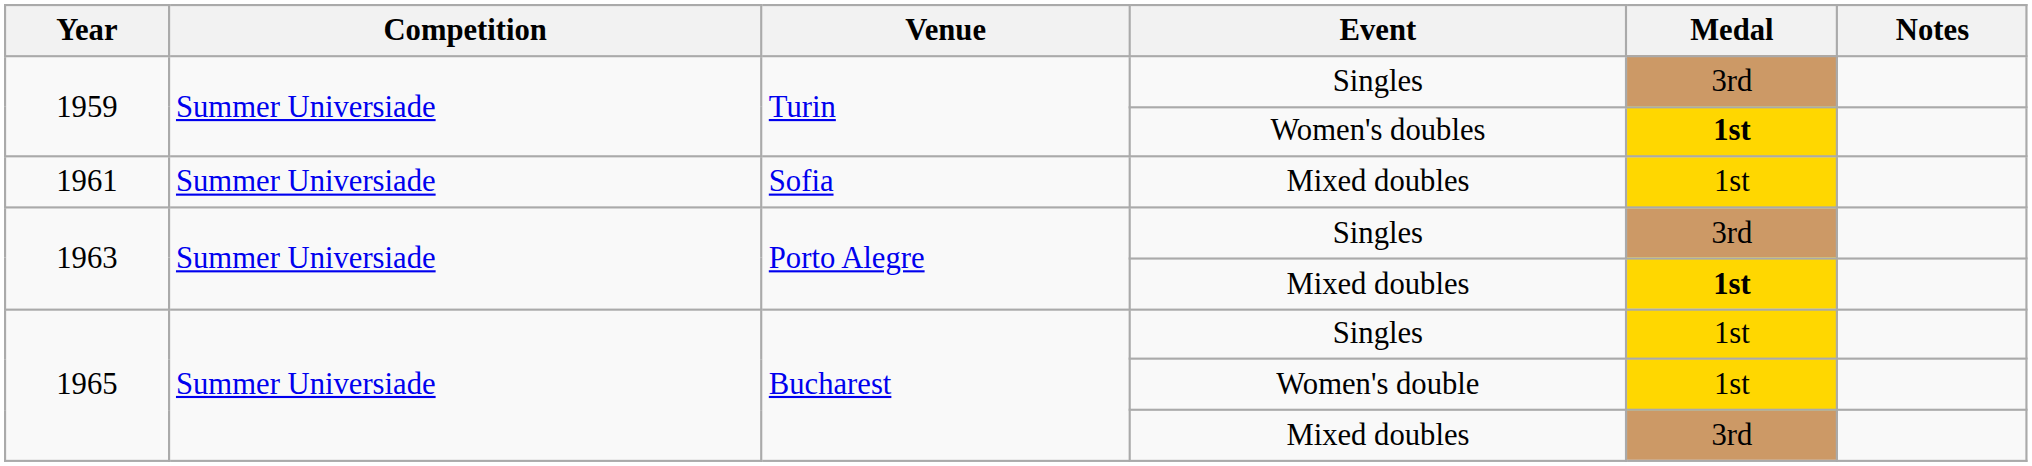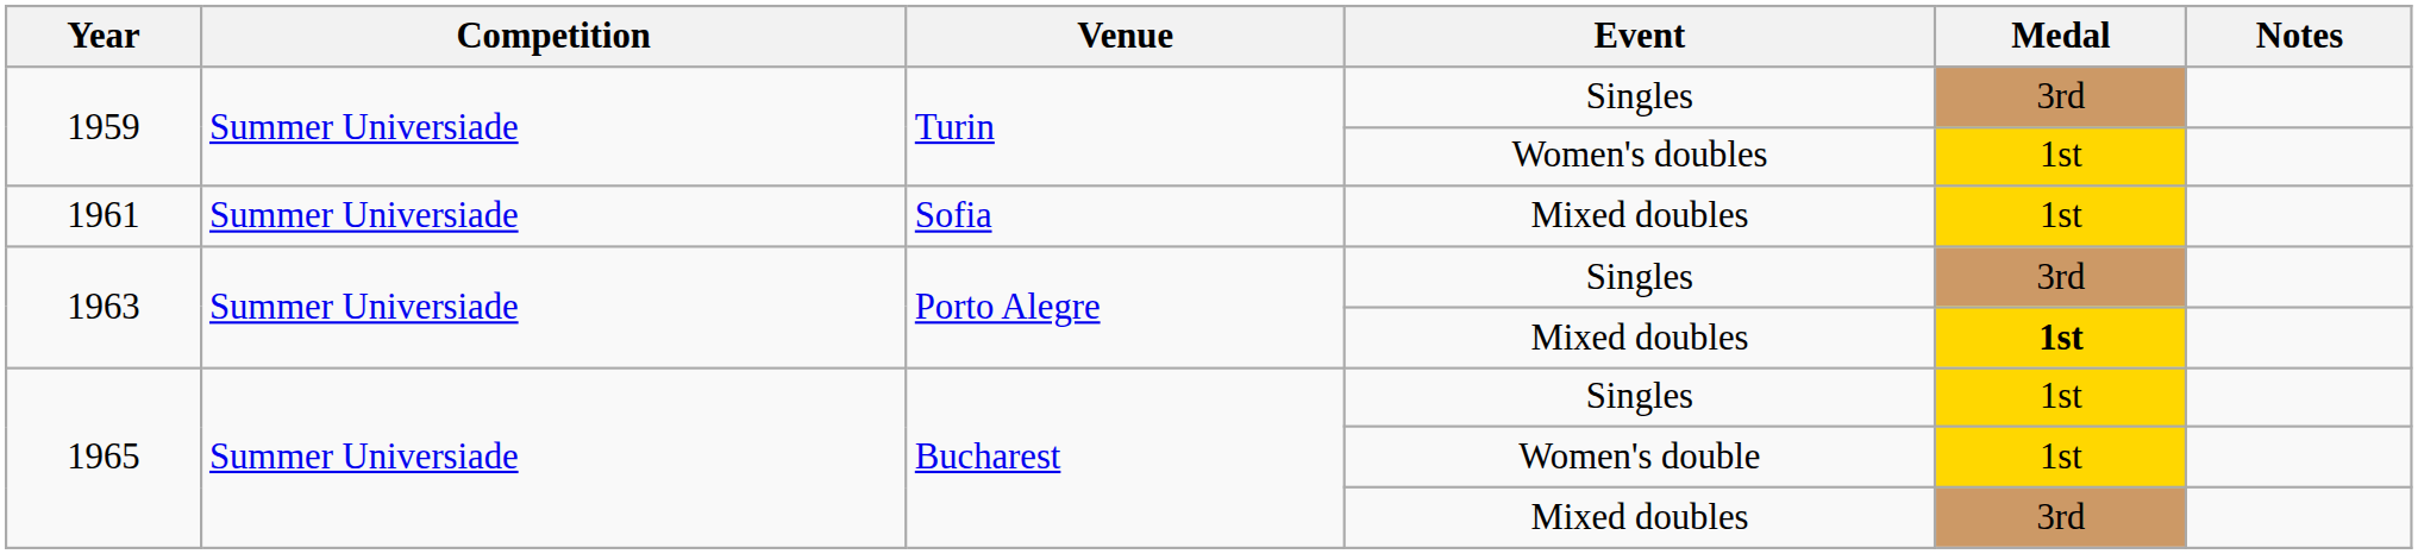 <table class="wikitable" width=60% style="font-size:90%; text-align:center;">
 <tr>
 <th>Year</th>
 <th>Competition</th>
 <th>Venue</th>
 <th>Event</th>
 <th>Medal</th>
 <th>Notes</th>
 </tr>
 <tr>
 <td align=center rowspan=2>1959</td>
 <td rowspan=2 align=left><a href='#'>Summer Universiade</a></td>
 <td rowspan=2 align=left> <a href='#'>Turin</a></td>
 <td>Singles</td>
 <td bgcolor=cc9966>3rd</td>
 <td align=center></td>
 </tr>
 <tr>
 <td>Women's doubles</td>
-<td bgcolor=gold><strong>1st</strong></td>
+<td bgcolor=gold>1st</td>
 <td align=center></td>
 </tr>
 <tr>
 <td align=center>1961</td>
 <td align=left><a href='#'>Summer Universiade</a></td>
 <td align=left> <a href='#'>Sofia</a></td>
 <td>Mixed doubles</td>
 <td bgcolor=gold>1st</td>
 <td align=center></td>
 </tr>
 <tr>
 <td align=center rowspan=2>1963</td>
 <td rowspan=2 align=left><a href='#'>Summer Universiade</a></td>
 <td rowspan=2 align=left> <a href='#'>Porto Alegre</a></td>
 <td>Singles</td>
 <td bgcolor=cc9966>3rd</td>
 <td align=center></td>
 </tr>
 <tr>
 <td>Mixed doubles</td>
 <td bgcolor=gold><strong>1st</strong></td>
 <td align=center></td>
 </tr>
 <tr>
 <td align=center rowspan=3>1965</td>
 <td rowspan=3 align=left><a href='#'>Summer Universiade</a></td>
 <td rowspan=3 align=left> <a href='#'>Bucharest</a></td>
 <td>Singles</td>
 <td bgcolor=gold>1st</td>
 <td align=center></td>
 </tr>
 <tr>
 <td>Women's double</td>
 <td bgcolor=gold>1st</td>
 <td align=center></td>
 </tr>
 <tr>
 <td>Mixed doubles</td>
 <td bgcolor=cc9966>3rd</td>
 <td align=center></td>
 </tr>
 </table>
